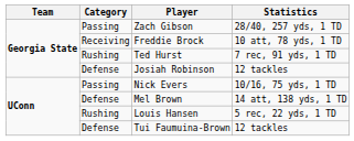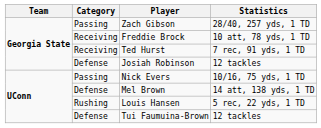 <table class="wikitable" style="float: right;">
 <tr>
 <th>Team</th>
 <th>Category</th>
 <th>Player</th>
 <th>Statistics</th>
 </tr>
 <tr>
 <td rowspan=4><strong>Georgia State</strong></td>
 <td>Passing</td>
 <td>Zach Gibson</td>
 <td>28/40, 257 yds, 1 TD</td>
 </tr>
 <tr>
 <td>Receiving</td>
 <td>Freddie Brock</td>
 <td>10 att, 78 yds, 1 TD</td>
 </tr>
 <tr>
-<td>Rushing</td>
+<td>Receiving</td>
 <td>Ted Hurst</td>
 <td>7 rec, 91 yds, 1 TD</td>
 </tr>
 <tr>
 <td>Defense</td>
 <td>Josiah Robinson</td>
 <td>12 tackles</td>
 </tr>
 <tr>
 <td rowspan=4><strong>UConn</strong></td>
 <td>Passing</td>
 <td>Nick Evers</td>
 <td>10/16, 75 yds, 1 TD</td>
 </tr>
 <tr>
 <td>Defense</td>
 <td>Mel Brown</td>
 <td>14 att, 138 yds, 1 TD</td>
 </tr>
 <tr>
 <td>Rushing</td>
 <td>Louis Hansen</td>
 <td>5 rec, 22 yds, 1 TD</td>
 </tr>
 <tr>
 <td>Defense</td>
 <td>Tui Faumuina-Brown</td>
 <td>12 tackles</td>
 </tr>
 </table>
